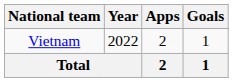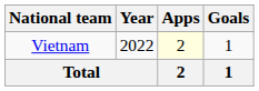 <table class="wikitable" style="text-align: center;">
 <tr>
 <th>National team</th>
 <th>Year</th>
 <th>Apps</th>
 <th>Goals</th>
 </tr>
 <tr>
 <td rowspan="2"><a href='#'>Vietnam</a></td>
 </tr>
 <tr>
 <td>2022</td>
-<td>2</td>
+<td style="background: lightyellow;">2</td>
 <td>1</td>
 </tr>
 <tr>
 <th colspan="2">Total</th>
 <th>2</th>
 <th>1</th>
 </tr>
 </table>
